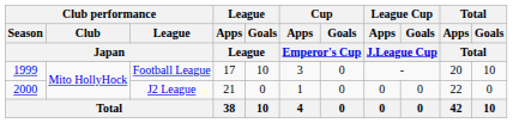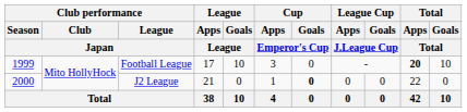 <table class="wikitable" style="text-align:center;">
 <tr>
 <th colspan=3>Club performance</th>
 <th colspan=2>League</th>
 <th colspan=2>Cup</th>
 <th colspan=2>League Cup</th>
 <th colspan=2>Total</th>
 </tr>
 <tr>
 <th>Season</th>
 <th>Club</th>
 <th>League</th>
 <th>Apps</th>
 <th>Goals</th>
 <th>Apps</th>
 <th>Goals</th>
 <th>Apps</th>
 <th>Goals</th>
 <th>Apps</th>
 <th>Goals</th>
 </tr>
 <tr>
 <th colspan=3>Japan</th>
 <th colspan=2>League</th>
 <th colspan=2><a href='#'>Emperor's Cup</a></th>
 <th colspan=2><a href='#'>J.League Cup</a></th>
 <th colspan=2>Total</th>
 </tr>
 <tr>
 <td><a href='#'>1999</a></td>
 <td rowspan="2"><a href='#'>Mito HollyHock</a></td>
 <td><a href='#'>Football League</a></td>
 <td>17</td>
 <td>10</td>
 <td>3</td>
 <td>0</td>
 <td colspan="2">-</td>
-<td>20</td>
+<td><strong>20</strong></td>
 <td>10</td>
 </tr>
 <tr>
 <td><a href='#'>2000</a></td>
 <td><a href='#'>J2 League</a></td>
 <td>21</td>
 <td>0</td>
 <td>1</td>
-<td>0</td>
+<td><strong>0</strong></td>
 <td>0</td>
 <td>0</td>
 <td>22</td>
 <td>0</td>
 </tr>
 <tr>
 <th colspan=3>Total</th>
 <th>38</th>
 <th>10</th>
 <th>4</th>
 <th>0</th>
 <th>0</th>
 <th>0</th>
 <th>42</th>
 <th>10</th>
 </tr>
 </table>
